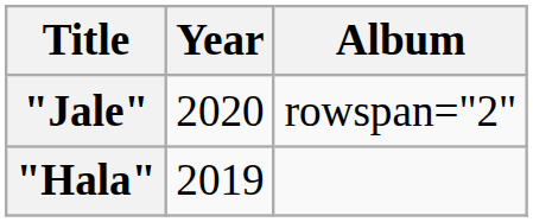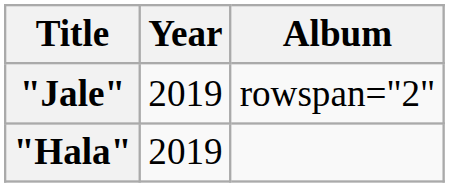 <table class="wikitable plainrowheaders" style="text-align:center;">
 <tr>
 <th scope="col">Title</th>
 <th scope="col">Year</th>
 <th scope="col">Album</th>
 </tr>
 <tr>
 <th scope="row">"Jale"<br></th>
-<td>2020</td>
+<td>2019</td>
 <td>rowspan="2" </td>
 </tr>
 <tr>
 <th scope="row">"Hala"<br></th>
 <td>2019</td>
 </tr>
 </table>
